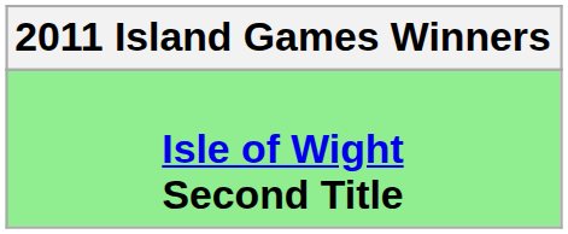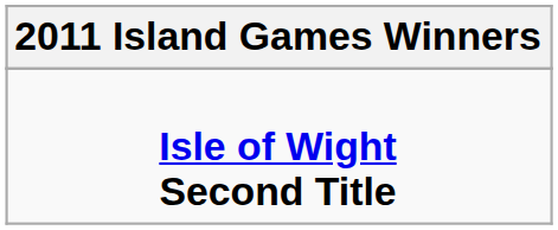 <table class="wikitable" style="text-align: center; margin: 0 auto;">
 <tr>
 <th>2011 Island Games Winners</th>
 </tr>
 <tr>
 </tr>
 <tr>
-<td style="background: lightgreen;"><br><strong><a href='#'>Isle of Wight</a></strong><br><strong>Second Title</strong></td>
+<td><br><strong><a href='#'>Isle of Wight</a></strong><br><strong>Second Title</strong></td>
 </tr>
 </table>
